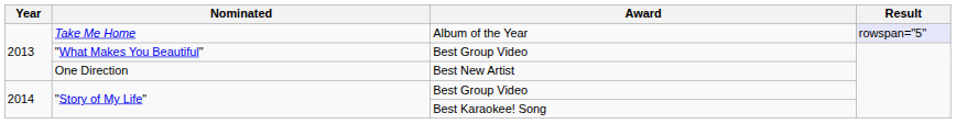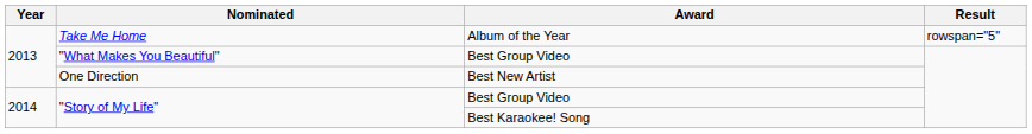 <table class="wikitable" style="width:100%;">
 <tr>
 <th width=5%>Year</th>
 <th style="width:40%;">Nominated</th>
 <th style="width:45%;">Award</th>
 <th style="width:10%;">Result</th>
 </tr>
 <tr>
 <td rowspan="3">2013</td>
 <td><em><a href='#'>Take Me Home</a></em></td>
 <td>Album of the Year</td>
-<td style="background: lavender;">rowspan="5" </td>
+<td>rowspan="5" </td>
 </tr>
 <tr>
 <td>"<a href='#'>What Makes You Beautiful</a>"</td>
 <td>Best Group Video</td>
 </tr>
 <tr>
 <td>One Direction</td>
 <td>Best New Artist</td>
 </tr>
 <tr>
 <td rowspan="2">2014</td>
 <td rowspan="2">"<a href='#'>Story of My Life</a>"</td>
 <td>Best Group Video</td>
 </tr>
 <tr>
 <td>Best Karaokee! Song</td>
 </tr>
 </table>
